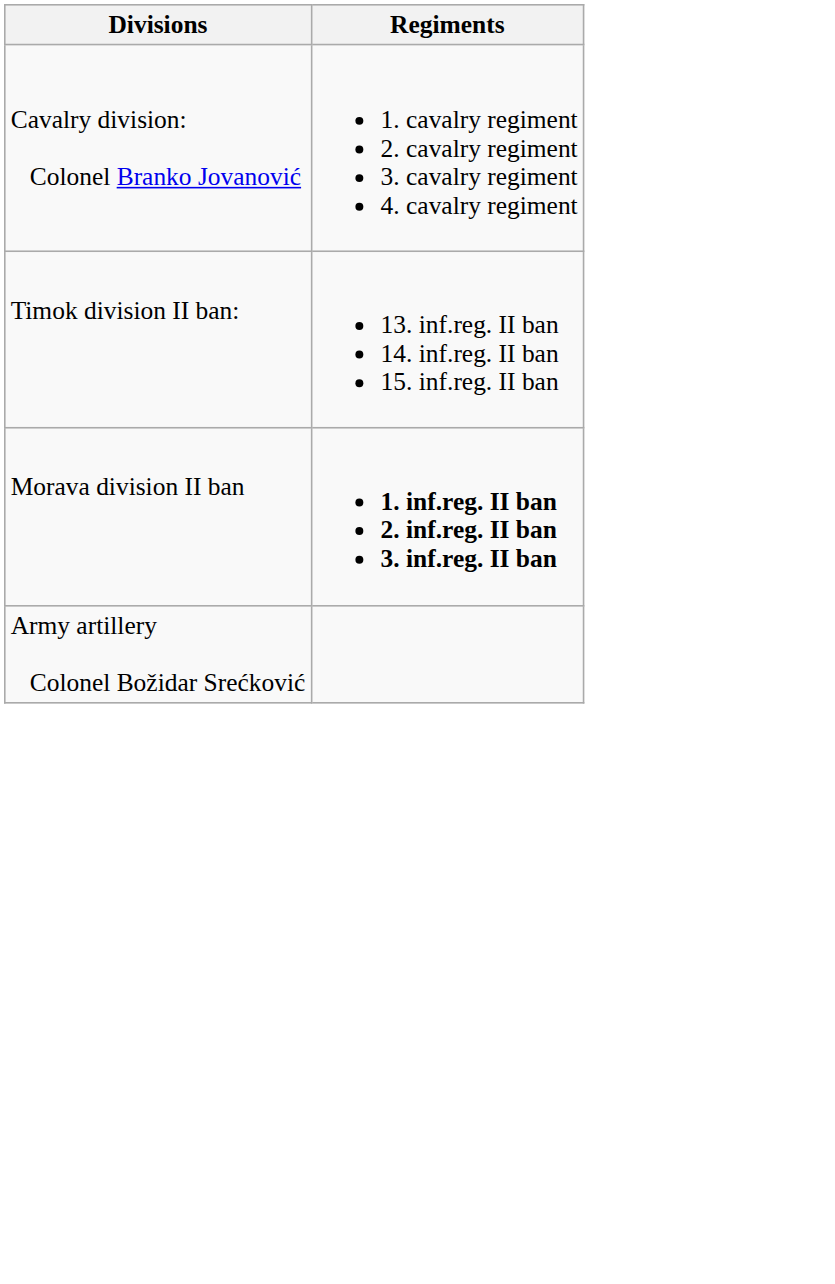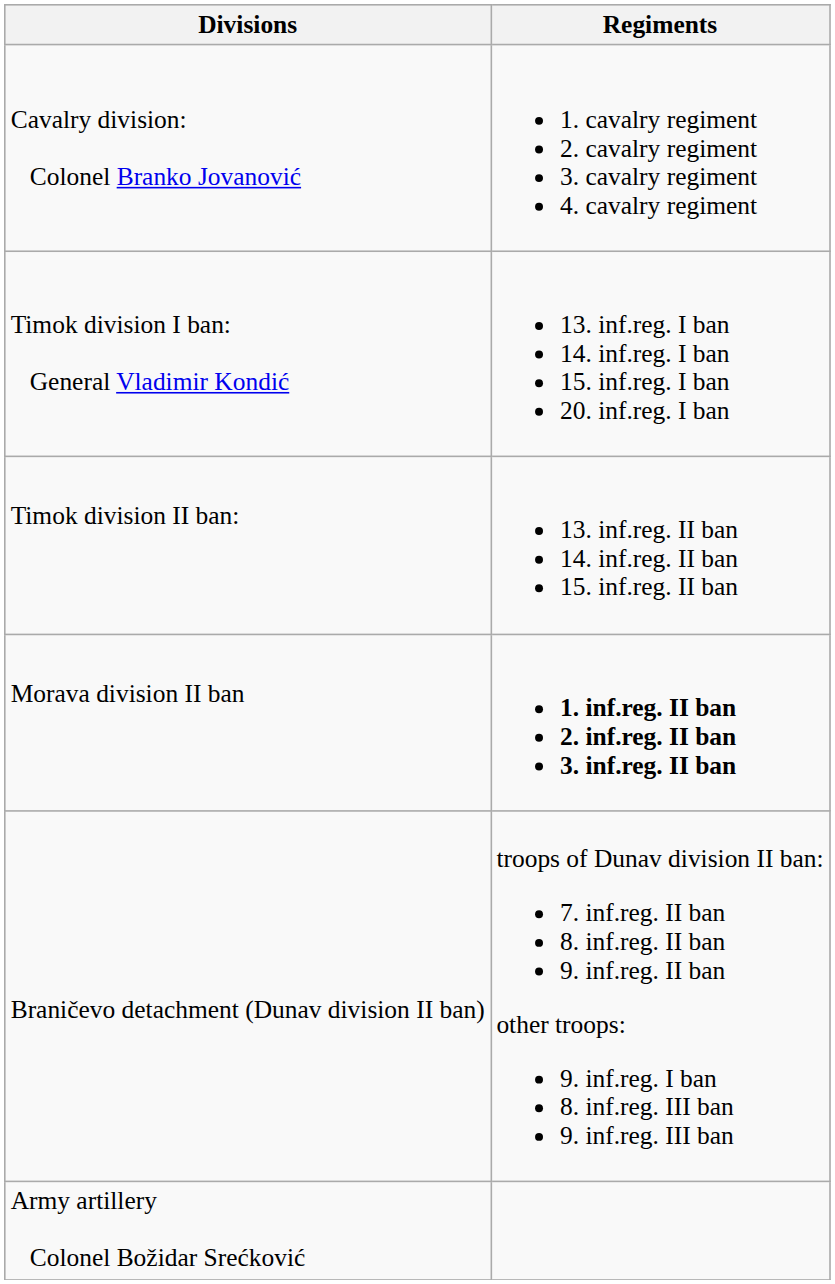 <table class="wikitable">
 <tr>
 <th>Divisions</th>
 <th>Regiments</th>
 </tr>
 <tr>
 <td>Cavalry division:<br><br>   Colonel <a href='#'>Branko Jovanović</a></td>
 <td><br><ul><li>1. cavalry regiment</li><li>2. cavalry regiment</li><li>3. cavalry regiment</li><li>4. cavalry regiment</li></ul></td>
 </tr>
 <tr>
+<td>Timok division I ban:<br><br>   General <a href='#'>Vladimir Kondić</a></td>
+<td><br><ul><li>13. inf.reg. I ban</li><li>14. inf.reg. I ban</li><li>15. inf.reg. I ban</li><li>20. inf.reg. I ban</li></ul></td>
+</tr>
+<tr>
 <td>Timok division II ban:<br><br>  </td>
 <td><br><ul><li>13. inf.reg. II ban</li><li>14. inf.reg. II ban</li><li>15. inf.reg. II ban</li></ul></td>
 </tr>
 <tr>
 <td>Morava division II ban<br><br>  </td>
 <td><strong><br><ul><li>1. inf.reg. II ban</li><li>2. inf.reg. II ban</li><li>3. inf.reg. II ban</li></ul></strong></td>
 </tr>
 <tr>
+<td><br>Braničevo detachment (Dunav division II ban)</td>
+<td><br>troops of Dunav division II ban:<ul><li>7. inf.reg. II ban</li><li>8. inf.reg. II ban</li><li>9. inf.reg. II ban</li></ul>other troops:<ul><li>9. inf.reg. I ban</li><li>8. inf.reg. III ban</li><li>9. inf.reg. III ban</li></ul></td>
+</tr>
+<tr>
 <td>Army artillery<br><br>   Colonel Božidar Srećković</td>
 <td></td>
 </tr>
 </table>
